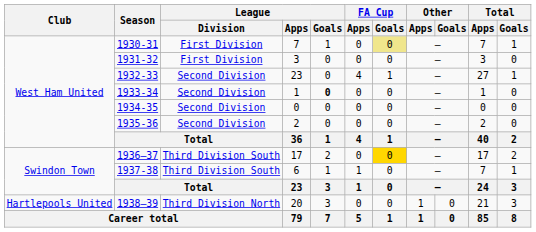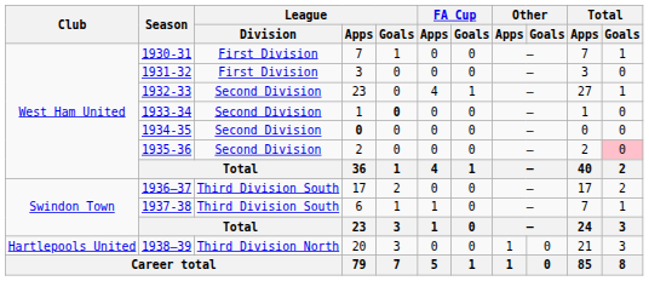 <table class="wikitable" style="text-align:center">
 <tr>
 <th rowspan="2">Club</th>
 <th rowspan="2">Season</th>
 <th colspan="3">League</th>
 <th colspan="2"><a href='#'>FA Cup</a></th>
 <th colspan="2">Other</th>
 <th colspan="2">Total</th>
 </tr>
 <tr>
 <th>Division</th>
 <th>Apps</th>
 <th>Goals</th>
 <th>Apps</th>
 <th>Goals</th>
 <th>Apps</th>
 <th>Goals</th>
 <th>Apps</th>
 <th>Goals</th>
 </tr>
 <tr>
 <td rowspan="7"><a href='#'>West Ham United</a></td>
 <td><a href='#'>1930-31</a></td>
 <td><a href='#'>First Division</a></td>
 <td>7</td>
 <td>1</td>
 <td>0</td>
-<td style="background: khaki;">0</td>
+<td>0</td>
 <td colspan="2">—</td>
 <td>7</td>
 <td>1</td>
 </tr>
 <tr>
 <td><a href='#'>1931-32</a></td>
 <td><a href='#'>First Division</a></td>
 <td>3</td>
 <td>0</td>
 <td>0</td>
 <td>0</td>
 <td colspan="2">—</td>
 <td>3</td>
 <td>0</td>
 </tr>
 <tr>
 <td><a href='#'>1932-33</a></td>
 <td><a href='#'>Second Division</a></td>
 <td>23</td>
 <td>0</td>
 <td>4</td>
 <td>1</td>
 <td colspan="2">—</td>
 <td>27</td>
 <td>1</td>
 </tr>
 <tr>
 <td><a href='#'>1933-34</a></td>
 <td><a href='#'>Second Division</a></td>
 <td>1</td>
 <td><strong>0</strong></td>
 <td>0</td>
 <td>0</td>
 <td colspan="2">—</td>
 <td>1</td>
 <td>0</td>
 </tr>
 <tr>
 <td><a href='#'>1934-35</a></td>
 <td><a href='#'>Second Division</a></td>
-<td>0</td>
+<td><strong>0</strong></td>
 <td>0</td>
 <td>0</td>
 <td>0</td>
 <td colspan="2">—</td>
 <td>0</td>
 <td>0</td>
 </tr>
 <tr>
 <td><a href='#'>1935-36</a></td>
 <td><a href='#'>Second Division</a></td>
 <td>2</td>
 <td>0</td>
 <td>0</td>
 <td>0</td>
 <td colspan="2">—</td>
 <td>2</td>
-<td>0</td>
+<td style="background: pink;">0</td>
 </tr>
 <tr>
 <th colspan="2">Total</th>
 <th>36</th>
 <th>1</th>
 <th>4</th>
 <th>1</th>
 <th colspan="2">—</th>
 <th>40</th>
 <th>2</th>
 </tr>
 <tr>
 <td rowspan="3"><a href='#'>Swindon Town</a></td>
 <td><a href='#'>1936–37</a></td>
 <td><a href='#'>Third Division South</a></td>
 <td>17</td>
 <td>2</td>
 <td>0</td>
-<td style="background: gold;">0</td>
+<td>0</td>
 <td colspan="2">—</td>
 <td>17</td>
 <td>2</td>
 </tr>
 <tr>
 <td><a href='#'>1937-38</a></td>
 <td><a href='#'>Third Division South</a></td>
 <td>6</td>
 <td>1</td>
 <td>1</td>
 <td>0</td>
 <td colspan="2">—</td>
 <td>7</td>
 <td>1</td>
 </tr>
 <tr>
 <th colspan="2">Total</th>
 <th>23</th>
 <th>3</th>
 <th>1</th>
 <th>0</th>
 <th colspan="2">—</th>
 <th>24</th>
 <th>3</th>
 </tr>
 <tr>
 <td><a href='#'>Hartlepools United</a></td>
 <td><a href='#'>1938–39</a></td>
 <td><a href='#'>Third Division North</a></td>
 <td>20</td>
 <td>3</td>
 <td>0</td>
 <td>0</td>
 <td>1</td>
 <td>0</td>
 <td>21</td>
 <td>3</td>
 </tr>
 <tr>
 <th colspan="3">Career total</th>
 <th>79</th>
 <th>7</th>
 <th>5</th>
 <th>1</th>
 <th>1</th>
 <th>0</th>
 <th>85</th>
 <th>8</th>
 </tr>
 </table>
